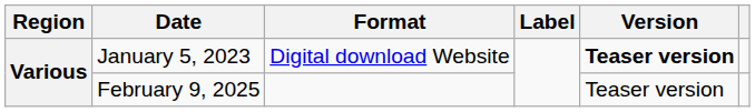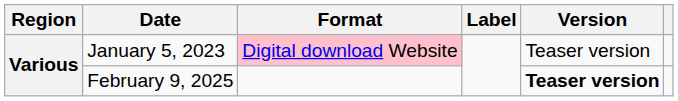 <table class="wikitable plainrowheaders">
 <tr>
 <th scope="col">Region</th>
 <th scope="col">Date</th>
 <th scope="col">Format</th>
 <th scope="col">Label</th>
 <th>Version</th>
 <th scope="col"></th>
 </tr>
 <tr>
 <th rowspan="2" scope="row">Various</th>
 <td>January 5, 2023</td>
-<td><a href='#'>Digital download</a> Website</td>
+<td style="background: pink;"><a href='#'>Digital download</a> Website</td>
 <td rowspan="2"></td>
-<td><strong>Teaser version</strong></td>
+<td>Teaser version</td>
 <td style="text-align:center"></td>
 </tr>
 <tr>
 <td>February 9, 2025</td>
 <td></td>
-<td>Teaser version</td>
+<td><strong>Teaser version</strong></td>
 <td style="text-align:center"></td>
 </tr>
 </table>
